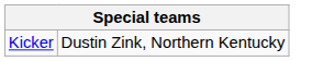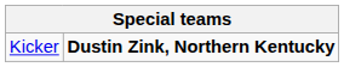 <table class="wikitable">
 <tr>
 <th colspan="6">Special teams</th>
 </tr>
 <tr>
 <td><a href='#'>Kicker</a></td>
-<td>Dustin Zink, Northern Kentucky</td>
+<td><strong>Dustin Zink, Northern Kentucky</strong></td>
 </tr>
 </table>
